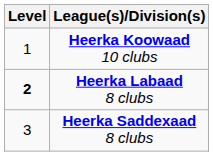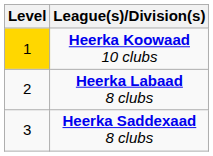 <table class="wikitable" style="text-align: center;">
 <tr>
 <th>Level</th>
 <th colspan="12">League(s)/Division(s)</th>
 </tr>
 <tr>
-<td>1</td>
+<td style="background: gold;">1</td>
 <td colspan="12"><strong><a href='#'>Heerka Koowaad</a></strong><br><em>10 clubs</em></td>
 </tr>
 <tr>
-<td><strong>2</strong></td>
+<td>2</td>
 <td colspan="12"><strong><a href='#'>Heerka Labaad</a></strong><br><em>8 clubs</em></td>
 </tr>
 <tr>
 <td>3</td>
 <td colspan="12"><strong><a href='#'>Heerka Saddexaad</a></strong><br><em>8 clubs</em></td>
 </tr>
 </table>
